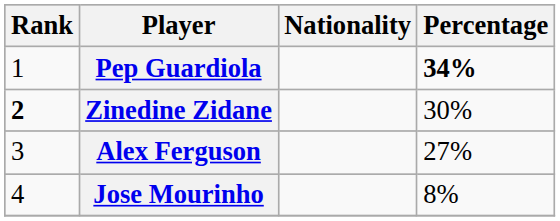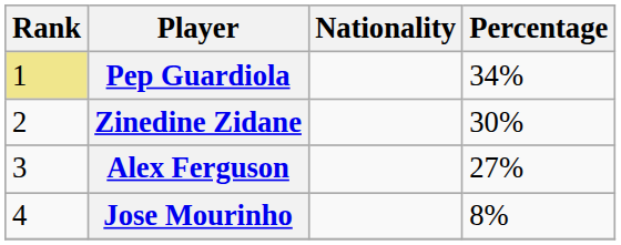 <table class="wikitable sortable">
 <tr>
 <th scope=col>Rank</th>
 <th scope=col>Player</th>
 <th scope=col>Nationality</th>
 <th scope=col>Percentage</th>
 </tr>
 <tr>
-<td>1</td>
+<td style="background: khaki;">1</td>
 <th scope=row><a href='#'>Pep Guardiola</a></th>
 <td></td>
-<td><strong>34%</strong></td>
+<td>34%</td>
 </tr>
 <tr>
-<td><strong>2</strong></td>
+<td>2</td>
 <th scope=row><a href='#'>Zinedine Zidane </a></th>
 <td></td>
 <td>30%</td>
 </tr>
 <tr>
 <td>3</td>
 <th scope=row><a href='#'>Alex Ferguson</a></th>
 <td></td>
 <td>27%</td>
 </tr>
 <tr>
 <td>4</td>
 <th scope=row><a href='#'>Jose Mourinho</a></th>
 <td></td>
 <td>8%</td>
 </tr>
 <tr>
 </tr>
 </table>
